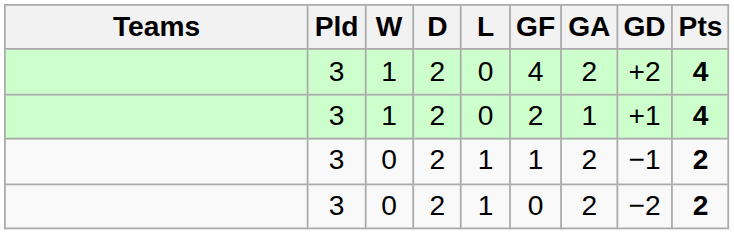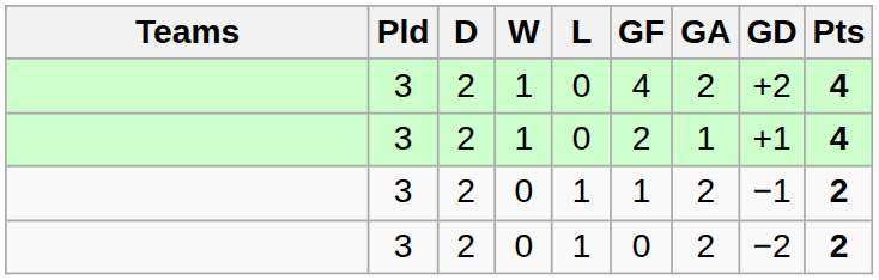 <table class="wikitable" style="text-align: center;">
 <tr>
 <th width=165>Teams</th>
 <th width=20>Pld</th>
+<th width=20>D</th>
 <th width=20>W</th>
-<th width=20>D</th>
 <th width=20>L</th>
 <th width=20>GF</th>
 <th width=20>GA</th>
 <th width=20>GD</th>
 <th width=20>Pts</th>
 </tr>
 <tr align=center style="background:#ccffcc;">
 <td style="text-align:left;"></td>
 <td>3</td>
+<td>2</td>
 <td>1</td>
-<td>2</td>
 <td>0</td>
 <td>4</td>
 <td>2</td>
 <td>+2</td>
 <td><strong>4</strong></td>
 </tr>
 <tr align=center style="background:#ccffcc;">
 <td style="text-align:left;"></td>
 <td>3</td>
+<td>2</td>
 <td>1</td>
-<td>2</td>
 <td>0</td>
 <td>2</td>
 <td>1</td>
 <td>+1</td>
 <td><strong>4</strong></td>
 </tr>
 <tr align=center>
 <td style="text-align:left;"></td>
 <td>3</td>
+<td>2</td>
 <td>0</td>
-<td>2</td>
 <td>1</td>
 <td>1</td>
 <td>2</td>
 <td>−1</td>
 <td><strong>2</strong></td>
 </tr>
 <tr align=center>
 <td style="text-align:left;"></td>
 <td>3</td>
+<td>2</td>
 <td>0</td>
-<td>2</td>
 <td>1</td>
 <td>0</td>
 <td>2</td>
 <td>−2</td>
 <td><strong>2</strong></td>
 </tr>
 </table>
